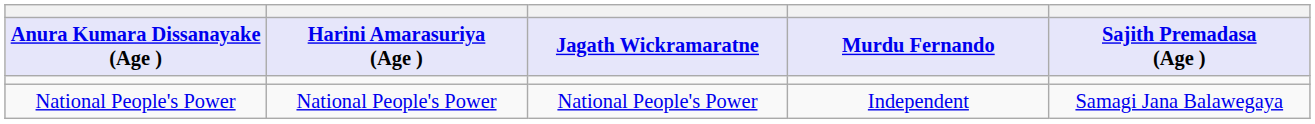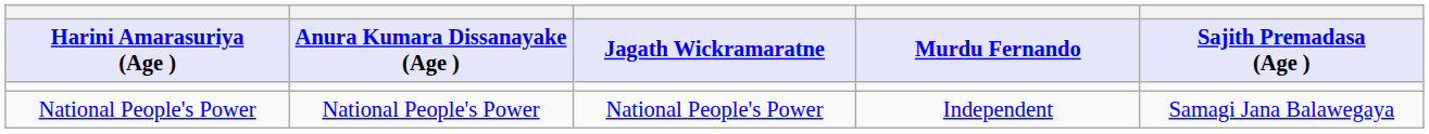 <table class=wikitable style="margin:1em auto; font-size:90%; text-align:center;">
 <tr>
 <th style="font-size:135%; width:175px; background:"><a href='#'></a></th>
 <th style="font-size:135%; width:175px; background:"><a href='#'></a></th>
 <th style="font-size:135%; width:175px; background:"><a href='#'></a></th>
 <th style="font-size:135%; width:175px; background:"><a href='#'></a></th>
 <th style="font-size:135%; width:175px; background:"><a href='#'></a></th>
 </tr>
 <tr>
+<th style="background:lavender;"><a href='#'>Harini Amarasuriya</a><br>(Age )</th>
 <th style="background:lavender;"><a href='#'>Anura Kumara Dissanayake</a><br>(Age )</th>
-<th style="background:lavender;"><a href='#'>Harini Amarasuriya</a><br>(Age )</th>
 <th style="background:lavender;"><a href='#'>Jagath Wickramaratne</a><br></th>
 <th style="background:lavender;"><a href='#'>Murdu Fernando</a><br></th>
 <th style="background:lavender;"><a href='#'>Sajith Premadasa</a><br>(Age )</th>
 </tr>
 <tr>
 <td></td>
 <td></td>
 <td></td>
 <td></td>
 <td></td>
 </tr>
 <tr>
 <td><a href='#'>National People's Power</a><br></td>
 <td><a href='#'>National People's Power</a><br></td>
 <td><a href='#'>National People's Power</a><br></td>
 <td><a href='#'>Independent</a><br></td>
 <td><a href='#'>Samagi Jana Balawegaya</a><br></td>
 </tr>
 </table>
